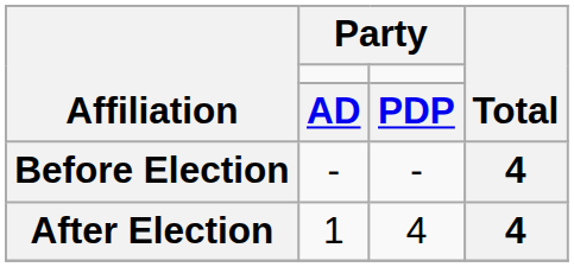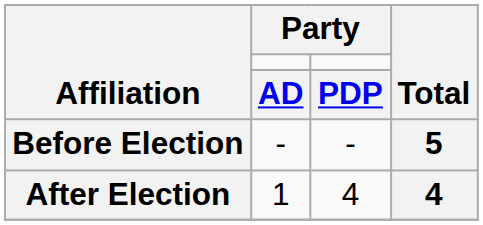 <table class=wikitable style="text-align:center">
 <tr style="vertical-align:bottom;">
 <th rowspan=3>Affiliation</th>
 <th colspan=2>Party</th>
 <th rowspan=3>Total</th>
 </tr>
 <tr>
 <td style="background-color:"></td>
 <td style="background-color:"></td>
 </tr>
 <tr>
 <th><a href='#'>AD</a></th>
 <th><a href='#'>PDP</a></th>
 </tr>
 <tr>
 <th>Before Election</th>
 <td>-</td>
 <td>-</td>
-<th>4</th>
+<th>5</th>
 </tr>
 <tr>
 <th>After Election</th>
 <td>1</td>
 <td>4</td>
 <th>4</th>
 </tr>
 <tr>
 </tr>
 </table>
